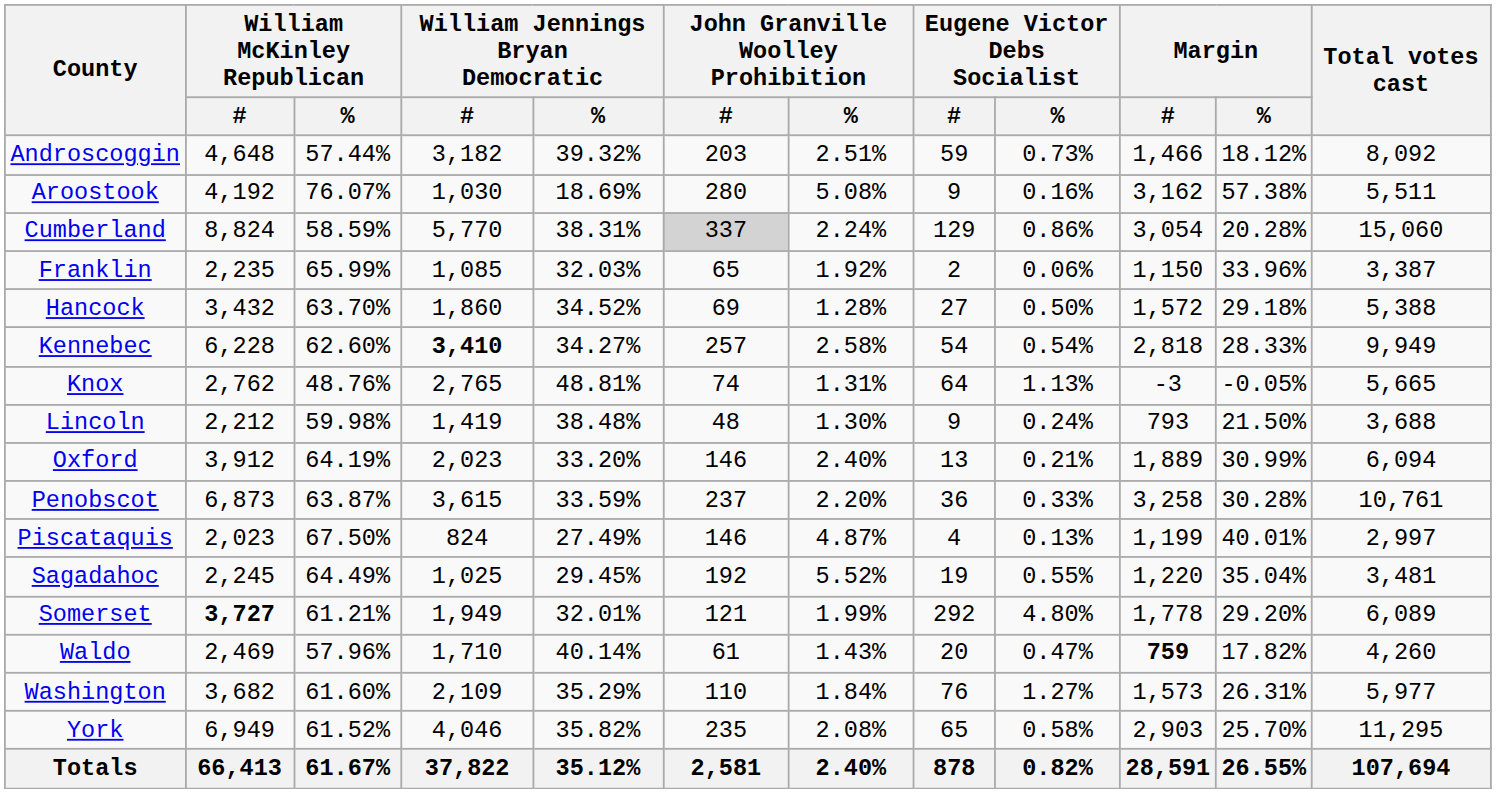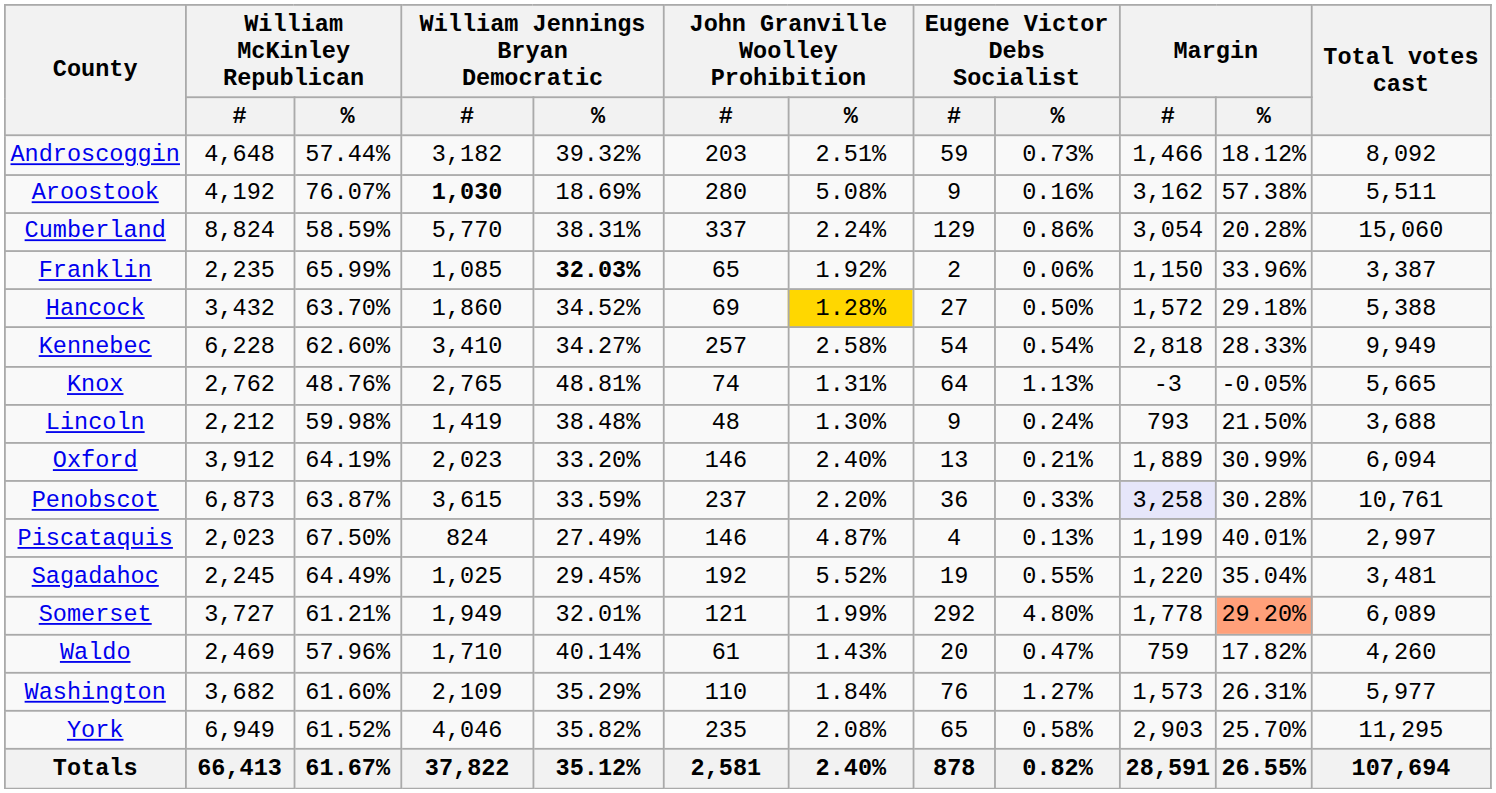 <table width="65%" class="wikitable sortable">
 <tr>
 <th rowspan="2">County</th>
 <th colspan="2">William McKinley<br>Republican</th>
 <th colspan="2">William Jennings Bryan<br>Democratic</th>
 <th colspan="2">John Granville Woolley<br>Prohibition</th>
 <th colspan="2">Eugene Victor Debs<br>Socialist</th>
 <th colspan="2">Margin</th>
 <th rowspan="2">Total votes cast</th>
 </tr>
 <tr bgcolor="lightgrey">
 <th data-sort-type="number">#</th>
 <th data-sort-type="number">%</th>
 <th data-sort-type="number">#</th>
 <th data-sort-type="number">%</th>
 <th data-sort-type="number">#</th>
 <th data-sort-type="number">%</th>
 <th data-sort-type="number">#</th>
 <th data-sort-type="number">%</th>
 <th data-sort-type="number">#</th>
 <th data-sort-type="number">%</th>
 </tr>
 <tr style="text-align:center;">
 <td><a href='#'>Androscoggin</a></td>
 <td>4,648</td>
 <td>57.44%</td>
 <td>3,182</td>
 <td>39.32%</td>
 <td>203</td>
 <td>2.51%</td>
 <td>59</td>
 <td>0.73%</td>
 <td>1,466</td>
 <td>18.12%</td>
 <td>8,092</td>
 </tr>
 <tr style="text-align:center;">
 <td><a href='#'>Aroostook</a></td>
 <td>4,192</td>
 <td>76.07%</td>
-<td>1,030</td>
+<td><strong>1,030</strong></td>
 <td>18.69%</td>
 <td>280</td>
 <td>5.08%</td>
 <td>9</td>
 <td>0.16%</td>
 <td>3,162</td>
 <td>57.38%</td>
 <td>5,511</td>
 </tr>
 <tr style="text-align:center;">
 <td><a href='#'>Cumberland</a></td>
 <td>8,824</td>
 <td>58.59%</td>
 <td>5,770</td>
 <td>38.31%</td>
-<td style="background: lightgrey;">337</td>
+<td>337</td>
 <td>2.24%</td>
 <td>129</td>
 <td>0.86%</td>
 <td>3,054</td>
 <td>20.28%</td>
 <td>15,060</td>
 </tr>
 <tr style="text-align:center;">
 <td><a href='#'>Franklin</a></td>
 <td>2,235</td>
 <td>65.99%</td>
 <td>1,085</td>
-<td>32.03%</td>
+<td><strong>32.03%</strong></td>
 <td>65</td>
 <td>1.92%</td>
 <td>2</td>
 <td>0.06%</td>
 <td>1,150</td>
 <td>33.96%</td>
 <td>3,387</td>
 </tr>
 <tr style="text-align:center;">
 <td><a href='#'>Hancock</a></td>
 <td>3,432</td>
 <td>63.70%</td>
 <td>1,860</td>
 <td>34.52%</td>
 <td>69</td>
-<td>1.28%</td>
+<td style="background: gold;">1.28%</td>
 <td>27</td>
 <td>0.50%</td>
 <td>1,572</td>
 <td>29.18%</td>
 <td>5,388</td>
 </tr>
 <tr style="text-align:center;">
 <td><a href='#'>Kennebec</a></td>
 <td>6,228</td>
 <td>62.60%</td>
-<td><strong>3,410</strong></td>
+<td>3,410</td>
 <td>34.27%</td>
 <td>257</td>
 <td>2.58%</td>
 <td>54</td>
 <td>0.54%</td>
 <td>2,818</td>
 <td>28.33%</td>
 <td>9,949</td>
 </tr>
 <tr style="text-align:center;">
 <td><a href='#'>Knox</a></td>
 <td>2,762</td>
 <td>48.76%</td>
 <td>2,765</td>
 <td>48.81%</td>
 <td>74</td>
 <td>1.31%</td>
 <td>64</td>
 <td>1.13%</td>
 <td>-3</td>
 <td>-0.05%</td>
 <td>5,665</td>
 </tr>
 <tr style="text-align:center;">
 <td><a href='#'>Lincoln</a></td>
 <td>2,212</td>
 <td>59.98%</td>
 <td>1,419</td>
 <td>38.48%</td>
 <td>48</td>
 <td>1.30%</td>
 <td>9</td>
 <td>0.24%</td>
 <td>793</td>
 <td>21.50%</td>
 <td>3,688</td>
 </tr>
 <tr style="text-align:center;">
 <td><a href='#'>Oxford</a></td>
 <td>3,912</td>
 <td>64.19%</td>
 <td>2,023</td>
 <td>33.20%</td>
 <td>146</td>
 <td>2.40%</td>
 <td>13</td>
 <td>0.21%</td>
 <td>1,889</td>
 <td>30.99%</td>
 <td>6,094</td>
 </tr>
 <tr style="text-align:center;">
 <td><a href='#'>Penobscot</a></td>
 <td>6,873</td>
 <td>63.87%</td>
 <td>3,615</td>
 <td>33.59%</td>
 <td>237</td>
 <td>2.20%</td>
 <td>36</td>
 <td>0.33%</td>
-<td>3,258</td>
+<td style="background: lavender;">3,258</td>
 <td>30.28%</td>
 <td>10,761</td>
 </tr>
 <tr style="text-align:center;">
 <td><a href='#'>Piscataquis</a></td>
 <td>2,023</td>
 <td>67.50%</td>
 <td>824</td>
 <td>27.49%</td>
 <td>146</td>
 <td>4.87%</td>
 <td>4</td>
 <td>0.13%</td>
 <td>1,199</td>
 <td>40.01%</td>
 <td>2,997</td>
 </tr>
 <tr style="text-align:center;">
 <td><a href='#'>Sagadahoc</a></td>
 <td>2,245</td>
 <td>64.49%</td>
 <td>1,025</td>
 <td>29.45%</td>
 <td>192</td>
 <td>5.52%</td>
 <td>19</td>
 <td>0.55%</td>
 <td>1,220</td>
 <td>35.04%</td>
 <td>3,481</td>
 </tr>
 <tr style="text-align:center;">
 <td><a href='#'>Somerset</a></td>
-<td><strong>3,727</strong></td>
+<td>3,727</td>
 <td>61.21%</td>
 <td>1,949</td>
 <td>32.01%</td>
 <td>121</td>
 <td>1.99%</td>
 <td>292</td>
 <td>4.80%</td>
 <td>1,778</td>
-<td>29.20%</td>
+<td style="background: lightsalmon;">29.20%</td>
 <td>6,089</td>
 </tr>
 <tr style="text-align:center;">
 <td><a href='#'>Waldo</a></td>
 <td>2,469</td>
 <td>57.96%</td>
 <td>1,710</td>
 <td>40.14%</td>
 <td>61</td>
 <td>1.43%</td>
 <td>20</td>
 <td>0.47%</td>
-<td><strong>759</strong></td>
+<td>759</td>
 <td>17.82%</td>
 <td>4,260</td>
 </tr>
 <tr style="text-align:center;">
 <td><a href='#'>Washington</a></td>
 <td>3,682</td>
 <td>61.60%</td>
 <td>2,109</td>
 <td>35.29%</td>
 <td>110</td>
 <td>1.84%</td>
 <td>76</td>
 <td>1.27%</td>
 <td>1,573</td>
 <td>26.31%</td>
 <td>5,977</td>
 </tr>
 <tr style="text-align:center;">
 <td><a href='#'>York</a></td>
 <td>6,949</td>
 <td>61.52%</td>
 <td>4,046</td>
 <td>35.82%</td>
 <td>235</td>
 <td>2.08%</td>
 <td>65</td>
 <td>0.58%</td>
 <td>2,903</td>
 <td>25.70%</td>
 <td>11,295</td>
 </tr>
 <tr>
 <th>Totals</th>
 <th>66,413</th>
 <th>61.67%</th>
 <th>37,822</th>
 <th>35.12%</th>
 <th>2,581</th>
 <th>2.40%</th>
 <th>878</th>
 <th>0.82%</th>
 <th>28,591</th>
 <th>26.55%</th>
 <th>107,694</th>
 </tr>
 </table>
